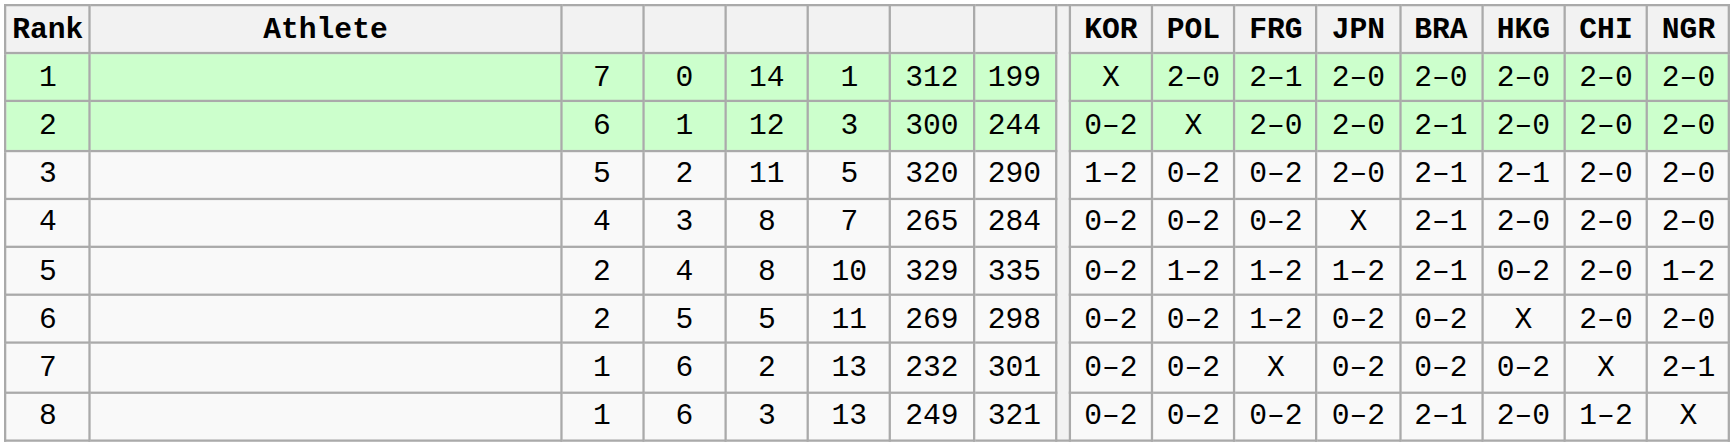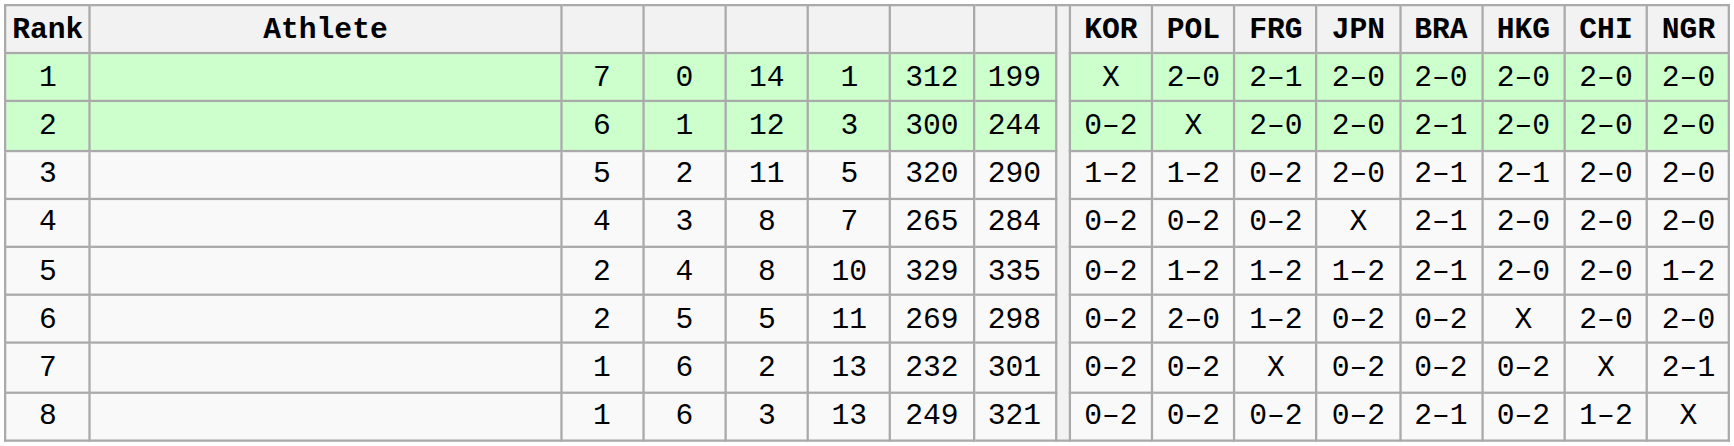 <table class="wikitable" style="text-align:center">
 <tr>
 <th>Rank</th>
 <th width=200>Athlete</th>
 <th width=30></th>
 <th width=30></th>
 <th width=30></th>
 <th width=30></th>
 <th width=30></th>
 <th width=30></th>
 <th rowspan=9></th>
 <th width=30>KOR</th>
 <th width=30>POL</th>
 <th width=30>FRG</th>
 <th width=30>JPN</th>
 <th width=30>BRA</th>
 <th width=30>HKG</th>
 <th width=30>CHI</th>
 <th width=30>NGR</th>
 </tr>
 <tr style="background-color:#ccffcc;">
 <td>1</td>
 <td align=left></td>
 <td>7</td>
 <td>0</td>
 <td>14</td>
 <td>1</td>
 <td>312</td>
 <td>199</td>
 <td>X</td>
 <td>2–0</td>
 <td>2–1</td>
 <td>2–0</td>
 <td>2–0</td>
 <td>2–0</td>
 <td>2–0</td>
 <td>2–0</td>
 </tr>
 <tr style="background-color:#ccffcc;">
 <td>2</td>
 <td align=left></td>
 <td>6</td>
 <td>1</td>
 <td>12</td>
 <td>3</td>
 <td>300</td>
 <td>244</td>
 <td>0–2</td>
 <td>X</td>
 <td>2–0</td>
 <td>2–0</td>
 <td>2–1</td>
 <td>2–0</td>
 <td>2–0</td>
 <td>2–0</td>
 </tr>
 <tr>
 <td>3</td>
 <td align=left></td>
 <td>5</td>
 <td>2</td>
 <td>11</td>
 <td>5</td>
 <td>320</td>
 <td>290</td>
 <td>1–2</td>
-<td>0–2</td>
+<td>1–2</td>
 <td>0–2</td>
 <td>2–0</td>
 <td>2–1</td>
 <td>2–1</td>
 <td>2–0</td>
 <td>2–0</td>
 </tr>
 <tr>
 <td>4</td>
 <td align=left></td>
 <td>4</td>
 <td>3</td>
 <td>8</td>
 <td>7</td>
 <td>265</td>
 <td>284</td>
 <td>0–2</td>
 <td>0–2</td>
 <td>0–2</td>
 <td>X</td>
 <td>2–1</td>
 <td>2–0</td>
 <td>2–0</td>
 <td>2–0</td>
 </tr>
 <tr>
 <td>5</td>
 <td align=left></td>
 <td>2</td>
 <td>4</td>
 <td>8</td>
 <td>10</td>
 <td>329</td>
 <td>335</td>
 <td>0–2</td>
 <td>1–2</td>
 <td>1–2</td>
 <td>1–2</td>
 <td>2–1</td>
-<td>0–2</td>
+<td>2–0</td>
 <td>2–0</td>
 <td>1–2</td>
 </tr>
 <tr>
 <td>6</td>
 <td align=left></td>
 <td>2</td>
 <td>5</td>
 <td>5</td>
 <td>11</td>
 <td>269</td>
 <td>298</td>
 <td>0–2</td>
-<td>0–2</td>
+<td>2–0</td>
 <td>1–2</td>
 <td>0–2</td>
 <td>0–2</td>
 <td>X</td>
 <td>2–0</td>
 <td>2–0</td>
 </tr>
 <tr>
 <td>7</td>
 <td align=left></td>
 <td>1</td>
 <td>6</td>
 <td>2</td>
 <td>13</td>
 <td>232</td>
 <td>301</td>
 <td>0–2</td>
 <td>0–2</td>
 <td>X</td>
 <td>0–2</td>
 <td>0–2</td>
 <td>0–2</td>
 <td>X</td>
 <td>2–1</td>
 </tr>
 <tr>
 <td>8</td>
 <td align=left></td>
 <td>1</td>
 <td>6</td>
 <td>3</td>
 <td>13</td>
 <td>249</td>
 <td>321</td>
 <td>0–2</td>
 <td>0–2</td>
 <td>0–2</td>
 <td>0–2</td>
 <td>2–1</td>
-<td>2–0</td>
+<td>0–2</td>
 <td>1–2</td>
 <td>X</td>
 </tr>
 </table>
